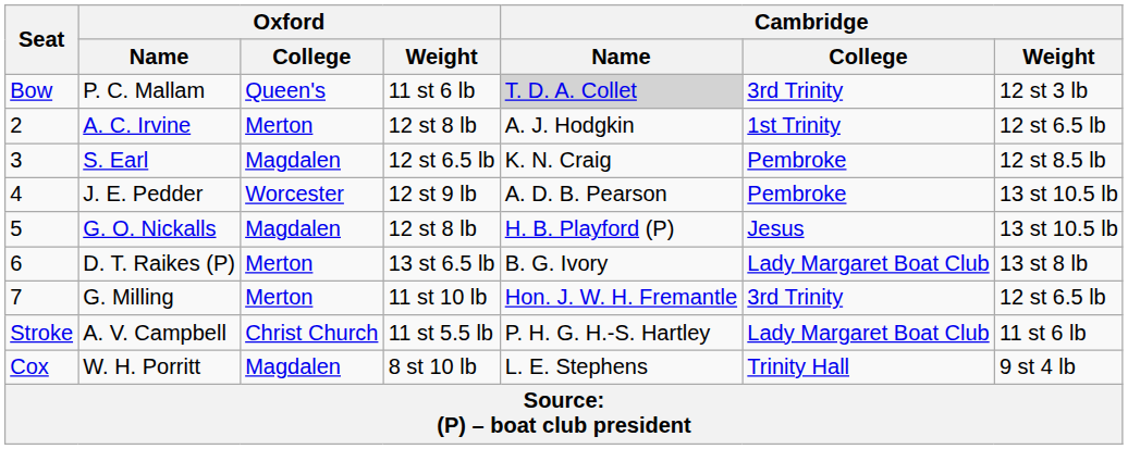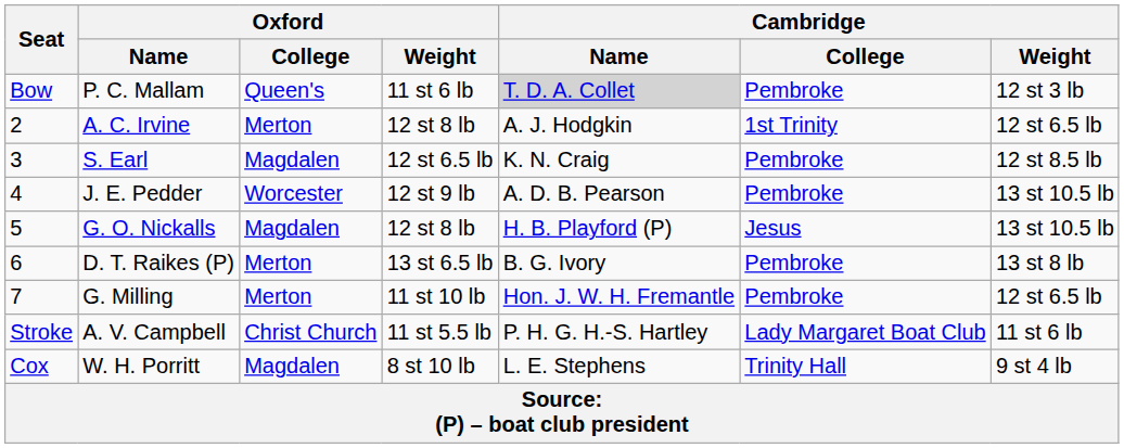 <table class="wikitable">
 <tr>
 <th rowspan="2" scope="col">Seat</th>
 <th colspan="3" scope="col">Oxford <br> </th>
 <th colspan="3" scope="col">Cambridge <br> </th>
 </tr>
 <tr>
 <th>Name</th>
 <th>College</th>
 <th>Weight</th>
 <th>Name</th>
 <th>College</th>
 <th>Weight</th>
 </tr>
 <tr>
 <td><a href='#'>Bow</a></td>
 <td>P. C. Mallam</td>
 <td><a href='#'>Queen's</a></td>
 <td>11 st 6 lb</td>
 <td style="background: lightgrey;"><a href='#'>T. D. A. Collet</a></td>
-<td><a href='#'>3rd Trinity</a></td>
+<td><a href='#'>Pembroke</a></td>
 <td>12 st 3 lb</td>
 </tr>
 <tr>
 <td>2</td>
 <td><a href='#'>A. C. Irvine</a></td>
 <td><a href='#'>Merton</a></td>
 <td>12 st 8 lb</td>
 <td>A. J. Hodgkin</td>
 <td><a href='#'>1st Trinity</a></td>
 <td>12 st 6.5 lb</td>
 </tr>
 <tr>
 <td>3</td>
 <td><a href='#'>S. Earl</a></td>
 <td><a href='#'>Magdalen</a></td>
 <td>12 st 6.5 lb</td>
 <td>K. N. Craig</td>
 <td><a href='#'>Pembroke</a></td>
 <td>12 st 8.5 lb</td>
 </tr>
 <tr>
 <td>4</td>
 <td>J. E. Pedder</td>
 <td><a href='#'>Worcester</a></td>
 <td>12 st 9 lb</td>
 <td>A. D. B. Pearson</td>
 <td><a href='#'>Pembroke</a></td>
 <td>13 st 10.5 lb</td>
 </tr>
 <tr>
 <td>5</td>
 <td><a href='#'>G. O. Nickalls</a></td>
 <td><a href='#'>Magdalen</a></td>
 <td>12 st 8 lb</td>
 <td><a href='#'>H. B. Playford</a> (P)</td>
 <td><a href='#'>Jesus</a></td>
 <td>13 st 10.5 lb</td>
 </tr>
 <tr>
 <td>6</td>
 <td>D. T. Raikes (P)</td>
 <td><a href='#'>Merton</a></td>
 <td>13 st 6.5 lb</td>
 <td>B. G. Ivory</td>
-<td><a href='#'>Lady Margaret Boat Club</a></td>
+<td><a href='#'>Pembroke</a></td>
 <td>13 st 8 lb</td>
 </tr>
 <tr>
 <td>7</td>
 <td>G. Milling</td>
 <td><a href='#'>Merton</a></td>
 <td>11 st 10 lb</td>
 <td><a href='#'>Hon. J. W. H. Fremantle</a></td>
-<td><a href='#'>3rd Trinity</a></td>
+<td><a href='#'>Pembroke</a></td>
 <td>12 st 6.5 lb</td>
 </tr>
 <tr>
 <td><a href='#'>Stroke</a></td>
 <td>A. V. Campbell</td>
 <td><a href='#'>Christ Church</a></td>
 <td>11 st 5.5 lb</td>
 <td>P. H. G. H.-S. Hartley</td>
 <td><a href='#'>Lady Margaret Boat Club</a></td>
 <td>11 st 6 lb</td>
 </tr>
 <tr>
 <td><a href='#'>Cox</a></td>
 <td>W. H. Porritt</td>
 <td><a href='#'>Magdalen</a></td>
 <td>8 st 10 lb</td>
 <td>L. E. Stephens</td>
 <td><a href='#'>Trinity Hall</a></td>
 <td>9 st 4 lb</td>
 </tr>
 <tr>
 <th colspan="7">Source:<br>(P) – boat club president</th>
 </tr>
 </table>
